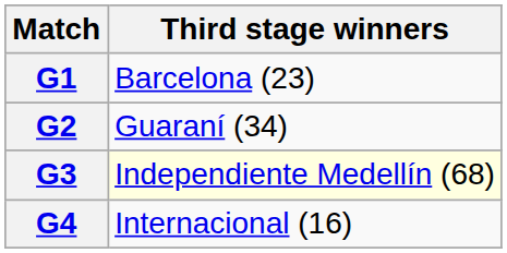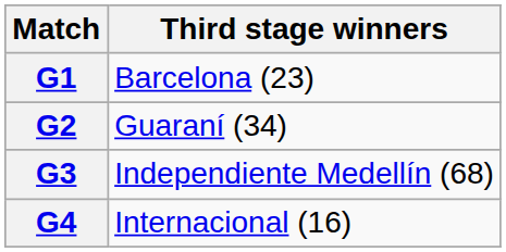 <table class="wikitable">
 <tr>
 <th>Match</th>
 <th>Third stage winners</th>
 </tr>
 <tr>
 <th><a href='#'>G1</a></th>
 <td> <a href='#'>Barcelona</a> (23)</td>
 </tr>
 <tr>
 <th><a href='#'>G2</a></th>
 <td> <a href='#'>Guaraní</a> (34)</td>
 </tr>
 <tr>
 <th><a href='#'>G3</a></th>
-<td style="background: lightyellow;"> <a href='#'>Independiente Medellín</a> (68)</td>
+<td> <a href='#'>Independiente Medellín</a> (68)</td>
 </tr>
 <tr>
 <th><a href='#'>G4</a></th>
 <td> <a href='#'>Internacional</a> (16)</td>
 </tr>
 </table>
